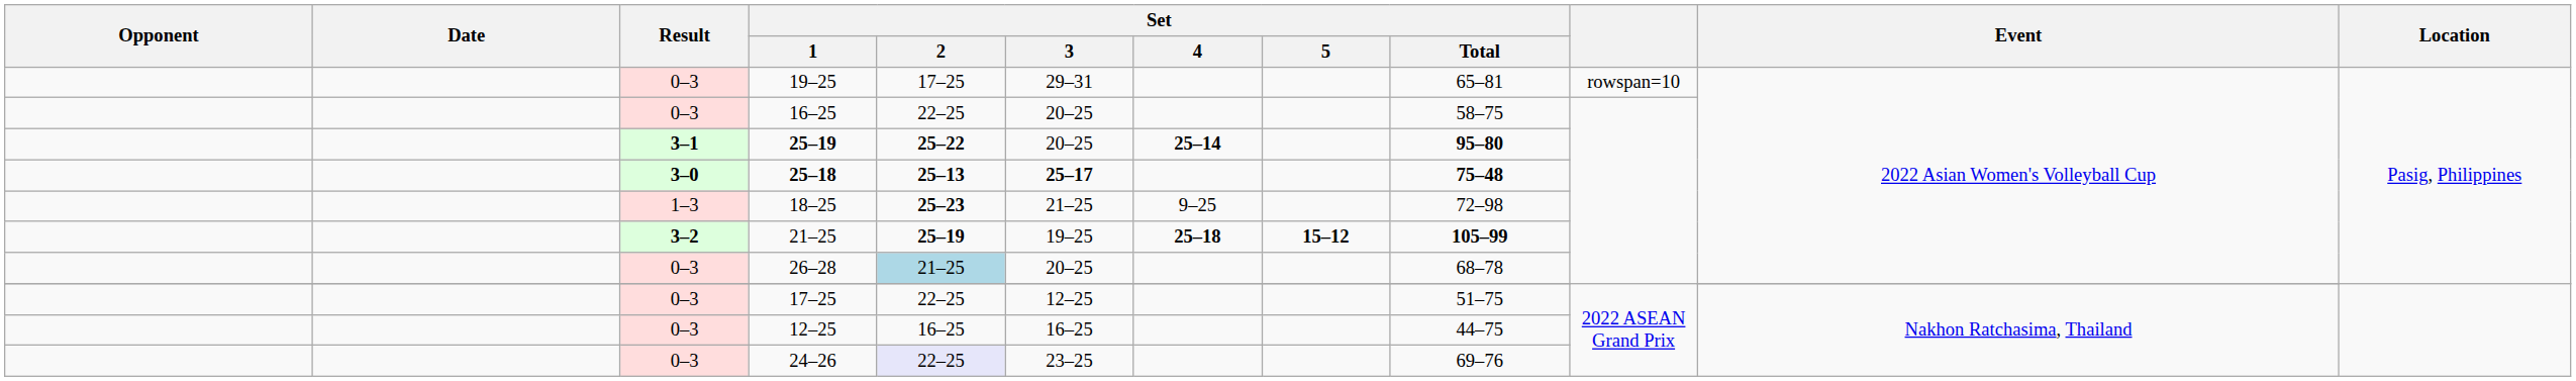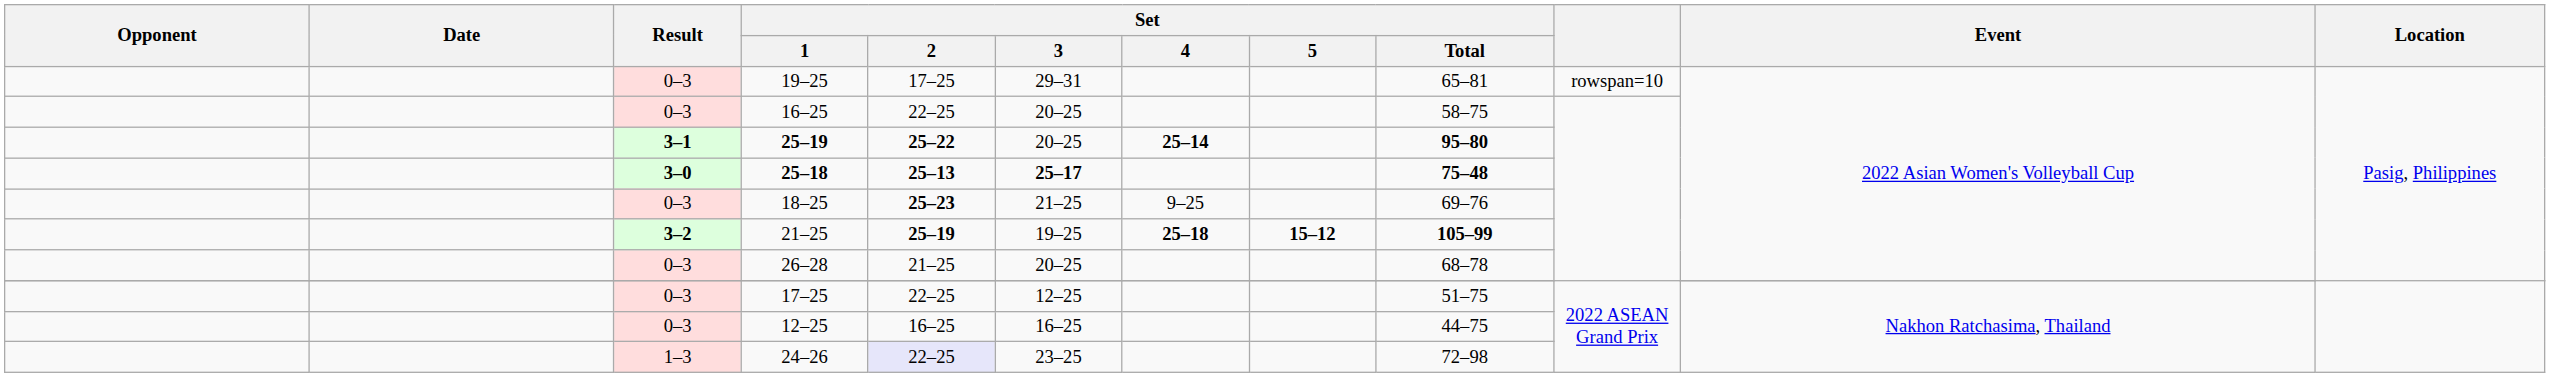 <table class="wikitable" style="font-size:90%; width=100%">
 <tr>
 <th rowspan=2 width=12%>Opponent</th>
 <th rowspan=2 width=12%>Date</th>
 <th rowspan=2 width=5%>Result</th>
 <th colspan=6>Set</th>
 <th rowspan=2 width=5%></th>
 <th rowspan=2 width=25%>Event</th>
 <th rowspan=2 width=15%>Location</th>
 </tr>
 <tr>
 <th width=5%>1</th>
 <th width=5%>2</th>
 <th width=5%>3</th>
 <th width=5%>4</th>
 <th width=5%>5</th>
 <th width=7%>Total</th>
 </tr>
 <tr style="text-align:center;">
 <td style="text-align:left;"></td>
 <td></td>
 <td style="background:#ffdddd;">0–3</td>
 <td>19–25</td>
 <td>17–25</td>
 <td>29–31</td>
 <td></td>
 <td></td>
 <td>65–81</td>
 <td>rowspan=10 </td>
 <td rowspan=7><a href='#'>2022 Asian Women's Volleyball Cup</a></td>
 <td rowspan=7><a href='#'>Pasig</a>, <a href='#'>Philippines</a></td>
 </tr>
 <tr style="text-align:center;">
 <td style="text-align:left;"></td>
 <td></td>
 <td style="background:#ffdddd;">0–3</td>
 <td>16–25</td>
 <td>22–25</td>
 <td>20–25</td>
 <td></td>
 <td></td>
 <td>58–75</td>
 </tr>
 <tr style="text-align:center;">
 <td style="text-align:left;"></td>
 <td></td>
 <td style="background:#ddffdd;"><strong>3–1</strong></td>
 <td><strong>25–19</strong></td>
 <td><strong>25–22</strong></td>
 <td>20–25</td>
 <td><strong>25–14</strong></td>
 <td></td>
 <td><strong>95–80</strong></td>
 </tr>
 <tr style="text-align:center;">
 <td style="text-align:left;"></td>
 <td></td>
 <td style="background:#ddffdd;"><strong>3–0</strong></td>
 <td><strong>25–18</strong></td>
 <td><strong>25–13</strong></td>
 <td><strong>25–17</strong></td>
 <td></td>
 <td></td>
 <td><strong>75–48</strong></td>
 </tr>
 <tr style="text-align:center;">
 <td style="text-align:left;"></td>
 <td></td>
-<td style="background:#ffdddd;">1–3</td>
+<td style="background:#ffdddd;">0–3</td>
 <td>18–25</td>
 <td><strong>25–23</strong></td>
 <td>21–25</td>
 <td>9–25</td>
 <td></td>
-<td>72–98</td>
+<td>69–76</td>
 </tr>
 <tr style="text-align:center;">
 <td style="text-align:left;"></td>
 <td></td>
 <td style="background:#ddffdd;"><strong>3–2</strong></td>
 <td>21–25</td>
 <td><strong>25–19</strong></td>
 <td>19–25</td>
 <td><strong>25–18</strong></td>
 <td><strong>15–12</strong></td>
 <td><strong>105–99</strong></td>
 </tr>
 <tr style="text-align:center;">
 <td style="text-align:left;"></td>
 <td></td>
 <td style="background:#ffdddd;">0–3</td>
 <td>26–28</td>
-<td style="background: lightblue;">21–25</td>
+<td>21–25</td>
 <td>20–25</td>
 <td></td>
 <td></td>
 <td>68–78</td>
 </tr>
 <tr>
 </tr>
 <tr style="text-align:center;">
 <td style="text-align:left;"></td>
 <td></td>
 <td style="background:#ffdddd;">0–3</td>
 <td>17–25</td>
 <td>22–25</td>
 <td>12–25</td>
 <td></td>
 <td></td>
 <td>51–75</td>
 <td rowspan=3><a href='#'>2022 ASEAN Grand Prix</a></td>
 <td rowspan=3><a href='#'>Nakhon Ratchasima</a>, <a href='#'>Thailand</a></td>
 </tr>
 <tr style="text-align:center;">
 <td style="text-align:left;"></td>
 <td></td>
 <td style="background:#ffdddd;">0–3</td>
 <td>12–25</td>
 <td>16–25</td>
 <td>16–25</td>
 <td></td>
 <td></td>
 <td>44–75</td>
 </tr>
 <tr style="text-align:center;">
 <td style="text-align:left;"></td>
 <td></td>
-<td style="background:#ffdddd;">0–3</td>
+<td style="background:#ffdddd;">1–3</td>
 <td>24–26</td>
 <td style="background: lavender;">22–25</td>
 <td>23–25</td>
 <td></td>
 <td></td>
-<td>69–76</td>
+<td>72–98</td>
 </tr>
 </table>
